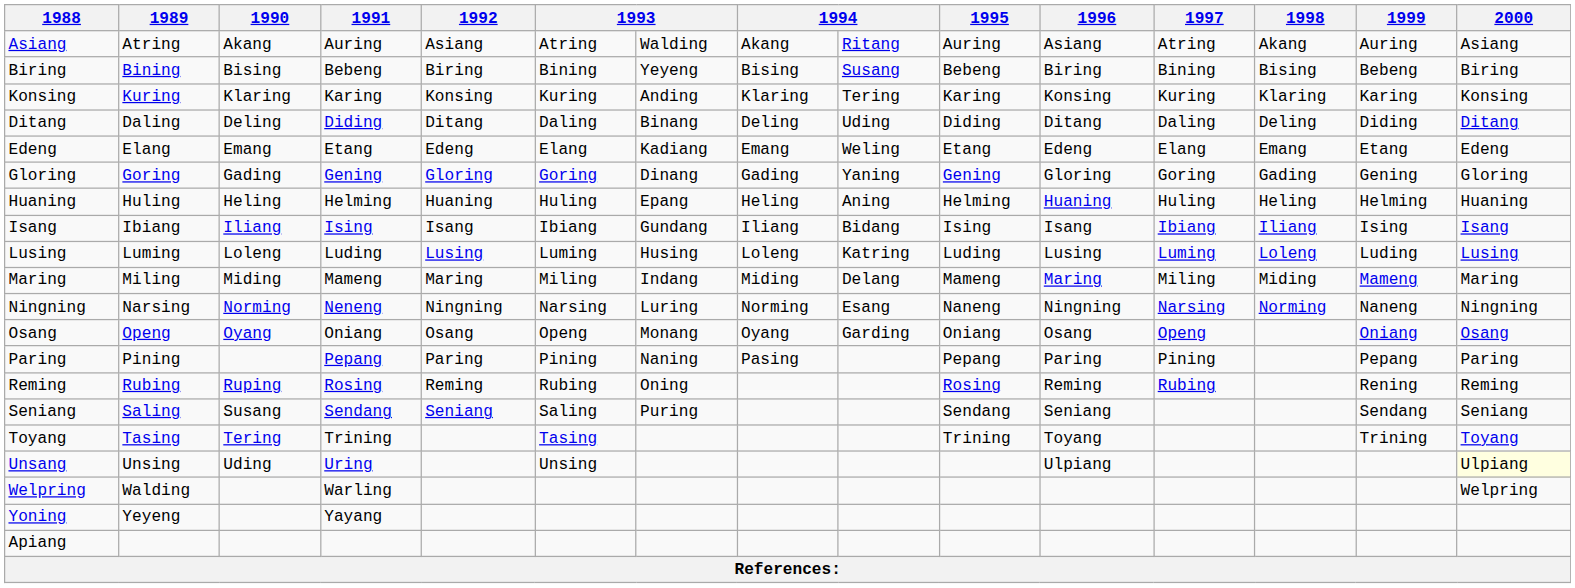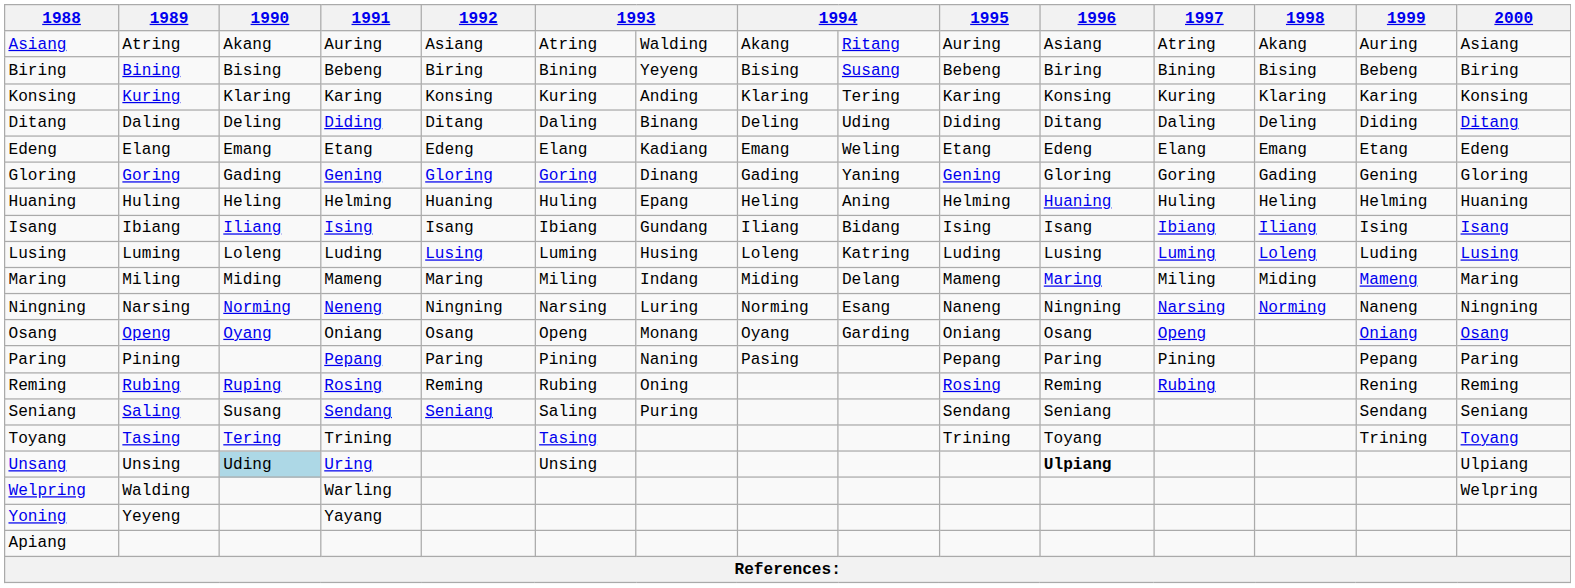 <table class="wikitable" width="100%">
 <tr>
 <th><a href='#'>1988</a></th>
 <th><a href='#'>1989</a></th>
 <th><a href='#'>1990</a></th>
 <th><a href='#'>1991</a></th>
 <th><a href='#'>1992</a></th>
 <th colspan=2><a href='#'>1993</a></th>
 <th colspan=2><a href='#'>1994</a></th>
 <th><a href='#'>1995</a></th>
 <th><a href='#'>1996</a></th>
 <th><a href='#'>1997</a></th>
 <th><a href='#'>1998</a></th>
 <th><a href='#'>1999</a></th>
 <th><a href='#'>2000</a></th>
 </tr>
 <tr>
 <td><a href='#'>Asiang</a></td>
 <td>Atring</td>
 <td>Akang</td>
 <td>Auring</td>
 <td>Asiang</td>
 <td>Atring</td>
 <td>Walding</td>
 <td>Akang</td>
 <td><a href='#'>Ritang</a></td>
 <td>Auring</td>
 <td>Asiang</td>
 <td>Atring</td>
 <td>Akang</td>
 <td>Auring</td>
 <td>Asiang</td>
 </tr>
 <tr>
 <td>Biring</td>
 <td><a href='#'>Bining</a></td>
 <td>Bising</td>
 <td>Bebeng</td>
 <td>Biring</td>
 <td>Bining</td>
 <td>Yeyeng</td>
 <td>Bising</td>
 <td><a href='#'>Susang</a></td>
 <td>Bebeng</td>
 <td>Biring</td>
 <td>Bining</td>
 <td>Bising</td>
 <td>Bebeng</td>
 <td>Biring</td>
 </tr>
 <tr>
 <td>Konsing</td>
 <td><a href='#'>Kuring</a></td>
 <td>Klaring</td>
 <td>Karing</td>
 <td>Konsing</td>
 <td>Kuring</td>
 <td>Anding</td>
 <td>Klaring</td>
 <td>Tering</td>
 <td>Karing</td>
 <td>Konsing</td>
 <td>Kuring</td>
 <td>Klaring</td>
 <td>Karing</td>
 <td>Konsing</td>
 </tr>
 <tr>
 <td>Ditang</td>
 <td>Daling</td>
 <td>Deling</td>
 <td><a href='#'>Diding</a></td>
 <td>Ditang</td>
 <td>Daling</td>
 <td>Binang</td>
 <td>Deling</td>
 <td>Uding</td>
 <td>Diding</td>
 <td>Ditang</td>
 <td>Daling</td>
 <td>Deling</td>
 <td>Diding</td>
 <td><a href='#'>Ditang</a></td>
 </tr>
 <tr>
 <td>Edeng</td>
 <td>Elang</td>
 <td>Emang</td>
 <td>Etang</td>
 <td>Edeng</td>
 <td>Elang</td>
 <td>Kadiang</td>
 <td>Emang</td>
 <td>Weling</td>
 <td>Etang</td>
 <td>Edeng</td>
 <td>Elang</td>
 <td>Emang</td>
 <td>Etang</td>
 <td>Edeng</td>
 </tr>
 <tr>
 <td>Gloring</td>
 <td><a href='#'>Goring</a></td>
 <td>Gading</td>
 <td><a href='#'>Gening</a></td>
 <td><a href='#'>Gloring</a></td>
 <td><a href='#'>Goring</a></td>
 <td>Dinang</td>
 <td>Gading</td>
 <td>Yaning</td>
 <td><a href='#'>Gening</a></td>
 <td>Gloring</td>
 <td>Goring</td>
 <td>Gading</td>
 <td>Gening</td>
 <td>Gloring</td>
 </tr>
 <tr>
 <td>Huaning</td>
 <td>Huling</td>
 <td>Heling</td>
 <td>Helming</td>
 <td>Huaning</td>
 <td>Huling</td>
 <td>Epang</td>
 <td>Heling</td>
 <td>Aning</td>
 <td>Helming</td>
 <td><a href='#'>Huaning</a></td>
 <td>Huling</td>
 <td>Heling</td>
 <td>Helming</td>
 <td>Huaning</td>
 </tr>
 <tr>
 <td>Isang</td>
 <td>Ibiang</td>
 <td><a href='#'>Iliang</a></td>
 <td><a href='#'>Ising</a></td>
 <td>Isang</td>
 <td>Ibiang</td>
 <td>Gundang</td>
 <td>Iliang</td>
 <td>Bidang</td>
 <td>Ising</td>
 <td>Isang</td>
 <td><a href='#'>Ibiang</a></td>
 <td><a href='#'>Iliang</a></td>
 <td>Ising</td>
 <td><a href='#'>Isang</a></td>
 </tr>
 <tr>
 <td>Lusing</td>
 <td>Luming</td>
 <td>Loleng</td>
 <td>Luding</td>
 <td><a href='#'>Lusing</a></td>
 <td>Luming</td>
 <td>Husing</td>
 <td>Loleng</td>
 <td>Katring</td>
 <td>Luding</td>
 <td>Lusing</td>
 <td><a href='#'>Luming</a></td>
 <td><a href='#'>Loleng</a></td>
 <td>Luding</td>
 <td><a href='#'>Lusing</a></td>
 </tr>
 <tr>
 <td>Maring</td>
 <td>Miling</td>
 <td>Miding</td>
 <td>Mameng</td>
 <td>Maring</td>
 <td>Miling</td>
 <td>Indang</td>
 <td>Miding</td>
 <td>Delang</td>
 <td>Mameng</td>
 <td><a href='#'>Maring</a></td>
 <td>Miling</td>
 <td>Miding</td>
 <td><a href='#'>Mameng</a></td>
 <td>Maring</td>
 </tr>
 <tr>
 <td>Ningning</td>
 <td>Narsing</td>
 <td><a href='#'>Norming</a></td>
 <td><a href='#'>Neneng</a></td>
 <td>Ningning</td>
 <td>Narsing</td>
 <td>Luring</td>
 <td>Norming</td>
 <td>Esang</td>
 <td>Naneng</td>
 <td>Ningning</td>
 <td><a href='#'>Narsing</a></td>
 <td><a href='#'>Norming</a></td>
 <td>Naneng</td>
 <td>Ningning</td>
 </tr>
 <tr>
 <td>Osang</td>
 <td><a href='#'>Openg</a></td>
 <td><a href='#'>Oyang</a></td>
 <td>Oniang</td>
 <td>Osang</td>
 <td>Openg</td>
 <td>Monang</td>
 <td>Oyang</td>
 <td>Garding</td>
 <td>Oniang</td>
 <td>Osang</td>
 <td><a href='#'>Openg</a></td>
 <td></td>
 <td><a href='#'>Oniang</a></td>
 <td><a href='#'>Osang</a></td>
 </tr>
 <tr>
 <td>Paring</td>
 <td>Pining</td>
 <td><a href='#'></a></td>
 <td><a href='#'>Pepang</a></td>
 <td>Paring</td>
 <td>Pining</td>
 <td>Naning</td>
 <td>Pasing</td>
 <td></td>
 <td>Pepang</td>
 <td>Paring</td>
 <td>Pining</td>
 <td></td>
 <td>Pepang</td>
 <td>Paring</td>
 </tr>
 <tr>
 <td>Reming</td>
 <td><a href='#'>Rubing</a></td>
 <td><a href='#'>Ruping</a></td>
 <td><a href='#'>Rosing</a></td>
 <td>Reming</td>
 <td>Rubing</td>
 <td>Oning</td>
 <td></td>
 <td></td>
 <td><a href='#'>Rosing</a></td>
 <td>Reming</td>
 <td><a href='#'>Rubing</a></td>
 <td></td>
 <td>Rening</td>
 <td>Reming</td>
 </tr>
 <tr>
 <td>Seniang</td>
 <td><a href='#'>Saling</a></td>
 <td>Susang</td>
 <td><a href='#'>Sendang</a></td>
 <td><a href='#'>Seniang</a></td>
 <td>Saling</td>
 <td>Puring</td>
 <td></td>
 <td></td>
 <td>Sendang</td>
 <td>Seniang</td>
 <td></td>
 <td></td>
 <td>Sendang</td>
 <td>Seniang</td>
 </tr>
 <tr>
 <td>Toyang</td>
 <td><a href='#'>Tasing</a></td>
 <td><a href='#'>Tering</a></td>
 <td>Trining</td>
 <td></td>
 <td><a href='#'>Tasing</a></td>
 <td></td>
 <td></td>
 <td></td>
 <td>Trining</td>
 <td>Toyang</td>
 <td></td>
 <td></td>
 <td>Trining</td>
 <td><a href='#'>Toyang</a></td>
 </tr>
 <tr>
 <td><a href='#'>Unsang</a></td>
 <td>Unsing</td>
-<td>Uding</td>
+<td style="background: lightblue;">Uding</td>
 <td><a href='#'>Uring</a></td>
 <td></td>
 <td>Unsing</td>
 <td></td>
 <td></td>
 <td></td>
 <td></td>
-<td>Ulpiang</td>
+<td><strong>Ulpiang</strong></td>
 <td></td>
 <td></td>
 <td></td>
-<td style="background: lightyellow;">Ulpiang</td>
+<td>Ulpiang</td>
 </tr>
 <tr>
 <td><a href='#'>Welpring</a></td>
 <td>Walding</td>
 <td></td>
 <td>Warling</td>
 <td></td>
 <td></td>
 <td></td>
 <td></td>
 <td></td>
 <td></td>
 <td></td>
 <td></td>
 <td></td>
 <td></td>
 <td>Welpring</td>
 </tr>
 <tr>
 <td><a href='#'>Yoning</a></td>
 <td>Yeyeng</td>
 <td></td>
 <td>Yayang</td>
 <td></td>
 <td></td>
 <td></td>
 <td></td>
 <td></td>
 <td></td>
 <td></td>
 <td></td>
 <td></td>
 <td></td>
 <td></td>
 </tr>
 <tr>
 <td>Apiang</td>
 <td></td>
 <td></td>
 <td></td>
 <td></td>
 <td></td>
 <td></td>
 <td></td>
 <td></td>
 <td></td>
 <td></td>
 <td></td>
 <td></td>
 <td></td>
 <td></td>
 </tr>
 <tr>
 <th colspan=19>References:</th>
 </tr>
 </table>
